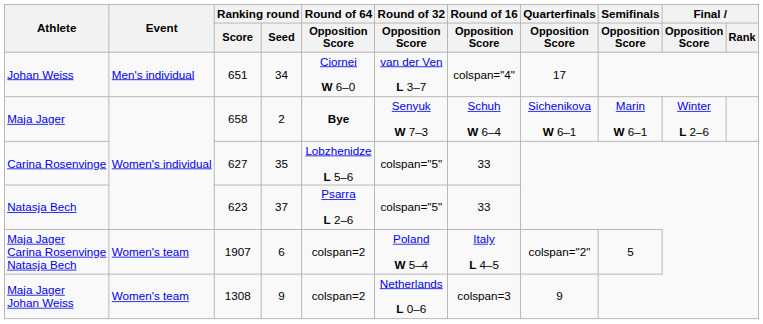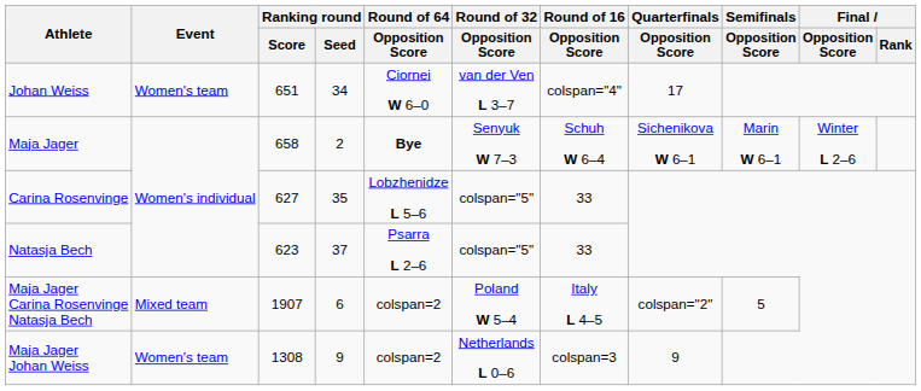 <table class="wikitable" style="font-size:90%">
 <tr>
 <th rowspan=2>Athlete</th>
 <th rowspan=2>Event</th>
 <th colspan=2>Ranking round</th>
 <th>Round of 64</th>
 <th>Round of 32</th>
 <th>Round of 16</th>
 <th>Quarterfinals</th>
 <th>Semifinals</th>
 <th colspan=2>Final / </th>
 </tr>
 <tr style="font-size:95%">
 <th>Score</th>
 <th>Seed</th>
 <th>Opposition<br>Score</th>
 <th>Opposition<br>Score</th>
 <th>Opposition<br>Score</th>
 <th>Opposition<br>Score</th>
 <th>Opposition<br>Score</th>
 <th>Opposition<br>Score</th>
 <th>Rank</th>
 </tr>
 <tr align=center>
 <td align=left><a href='#'>Johan Weiss</a></td>
-<td align=left><a href='#'>Men's individual</a></td>
+<td align=left><a href='#'>Women's team</a></td>
 <td>651</td>
 <td>34</td>
 <td><a href='#'>Ciornei</a><br><br> <strong>W</strong> 6–0</td>
 <td><a href='#'>van der Ven</a><br><br> <strong>L</strong> 3–7</td>
 <td>colspan="4" </td>
 <td>17</td>
 </tr>
 <tr align=center>
 <td align=left><a href='#'>Maja Jager</a></td>
 <td style="text-align:left;" rowspan="3"><a href='#'>Women's individual</a></td>
 <td>658</td>
 <td>2</td>
 <td><strong>Bye</strong></td>
 <td><a href='#'>Senyuk</a><br><br> <strong>W</strong> 7–3</td>
 <td><a href='#'>Schuh</a><br><br> <strong>W</strong> 6–4</td>
 <td><a href='#'>Sichenikova</a><br><br> <strong>W</strong> 6–1</td>
 <td><a href='#'>Marin</a><br><br> <strong>W</strong> 6–1</td>
 <td><a href='#'>Winter</a><br><br> <strong>L</strong> 2–6</td>
 <td></td>
 </tr>
 <tr align=center>
 <td align=left><a href='#'>Carina Rosenvinge</a></td>
 <td>627</td>
 <td>35</td>
 <td><a href='#'>Lobzhenidze</a><br><br> <strong>L</strong> 5–6</td>
 <td>colspan="5" </td>
 <td>33</td>
 </tr>
 <tr align=center>
 <td align=left><a href='#'>Natasja Bech</a></td>
 <td>623</td>
 <td>37</td>
 <td><a href='#'>Psarra</a><br><br><strong>L</strong> 2–6</td>
 <td>colspan="5" </td>
 <td>33</td>
 </tr>
 <tr align=center>
 <td align=left><a href='#'>Maja Jager</a><br><a href='#'>Carina Rosenvinge</a><br><a href='#'>Natasja Bech</a></td>
-<td align=left><a href='#'>Women's team</a></td>
+<td align=left><a href='#'>Mixed team</a></td>
 <td>1907</td>
 <td>6</td>
 <td>colspan=2 </td>
 <td><a href='#'>Poland</a><br><br> <strong>W</strong> 5–4</td>
 <td><a href='#'>Italy</a><br><br> <strong>L</strong> 4–5</td>
 <td>colspan="2" </td>
 <td>5</td>
 </tr>
 <tr align=center>
 <td align=left><a href='#'>Maja Jager</a><br><a href='#'>Johan Weiss</a></td>
 <td align=left><a href='#'>Women's team</a></td>
 <td>1308</td>
 <td>9</td>
 <td>colspan=2 </td>
 <td><a href='#'>Netherlands</a><br><br> <strong>L</strong> 0–6</td>
 <td>colspan=3 </td>
 <td>9</td>
 </tr>
 </table>
